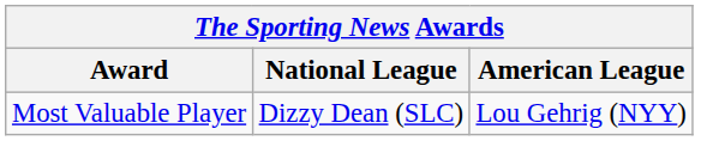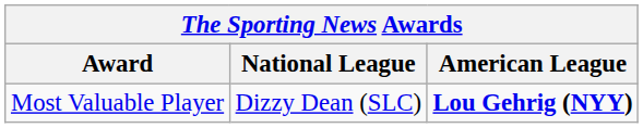 <table class="wikitable">
 <tr>
 <th colspan="3"><em><a href='#'>The Sporting News</a></em> <a href='#'>Awards</a></th>
 </tr>
 <tr>
 <th>Award</th>
 <th>National League</th>
 <th>American League</th>
 </tr>
 <tr>
 <td><a href='#'>Most Valuable Player</a></td>
 <td><a href='#'>Dizzy Dean</a> (<a href='#'>SLC</a>)</td>
-<td><a href='#'>Lou Gehrig</a> (<a href='#'>NYY</a>)</td>
+<td><strong><a href='#'>Lou Gehrig</a> (<a href='#'>NYY</a>)</strong></td>
 </tr>
 </table>
